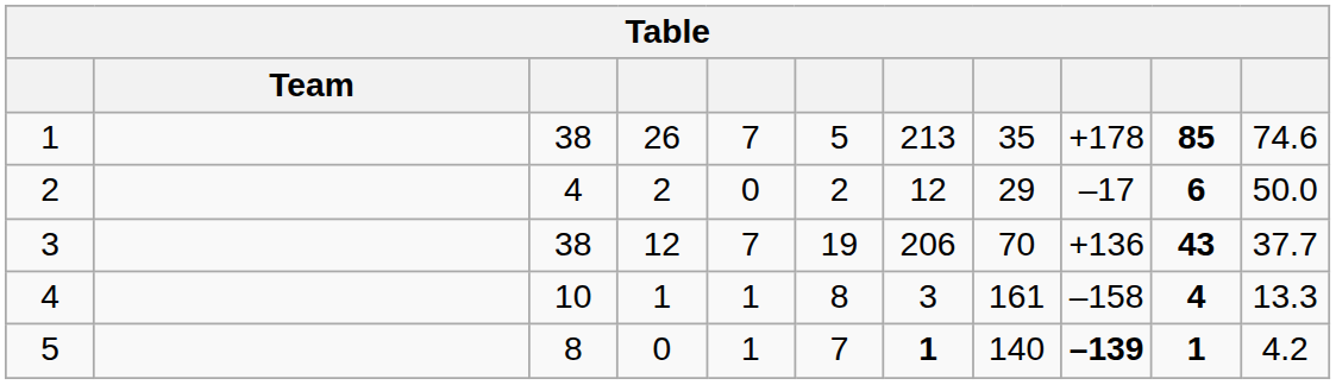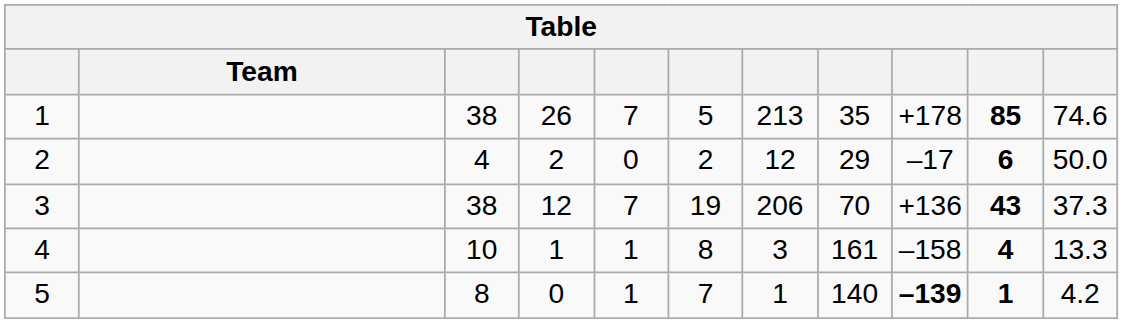 <table class="wikitable" style="text-align: center;">
 <tr>
 <th colspan=11>Table</th>
 </tr>
 <tr>
 <th style="width: 35px;"></th>
 <th style="width: 200px;">Team</th>
 <th style="width: 35px;"></th>
 <th style="width: 35px;"></th>
 <th style="width: 35px;"></th>
 <th style="width: 35px;"></th>
 <th style="width: 35px;"></th>
 <th style="width: 35px;"></th>
 <th style="width: 35px;"></th>
 <th style="width: 35px;"></th>
 <th style="width: 35px;"></th>
 </tr>
 <tr>
 <td>1</td>
 <td style="text-align:left;"></td>
 <td>38</td>
 <td>26</td>
 <td>7</td>
 <td>5</td>
 <td>213</td>
 <td>35</td>
 <td>+178</td>
 <td><strong>85</strong></td>
 <td>74.6</td>
 </tr>
 <tr>
 <td>2</td>
 <td style="text-align:left;"></td>
 <td>4</td>
 <td>2</td>
 <td>0</td>
 <td>2</td>
 <td>12</td>
 <td>29</td>
 <td>–17</td>
 <td><strong>6</strong></td>
 <td>50.0</td>
 </tr>
 <tr>
 <td>3</td>
 <td style="text-align:left;"></td>
 <td>38</td>
 <td>12</td>
 <td>7</td>
 <td>19</td>
 <td>206</td>
 <td>70</td>
 <td>+136</td>
 <td><strong>43</strong></td>
-<td>37.7</td>
+<td>37.3</td>
 </tr>
 <tr>
 <td>4</td>
 <td style="text-align:left;"></td>
 <td>10</td>
 <td>1</td>
 <td>1</td>
 <td>8</td>
 <td>3</td>
 <td>161</td>
 <td>–158</td>
 <td><strong>4</strong></td>
 <td>13.3</td>
 </tr>
 <tr>
 <td>5</td>
 <td style="text-align:left;"></td>
 <td>8</td>
 <td>0</td>
 <td>1</td>
 <td>7</td>
-<td><strong>1</strong></td>
+<td>1</td>
 <td>140</td>
 <td><strong>–139</strong></td>
 <td><strong>1</strong></td>
 <td>4.2</td>
 </tr>
 </table>
